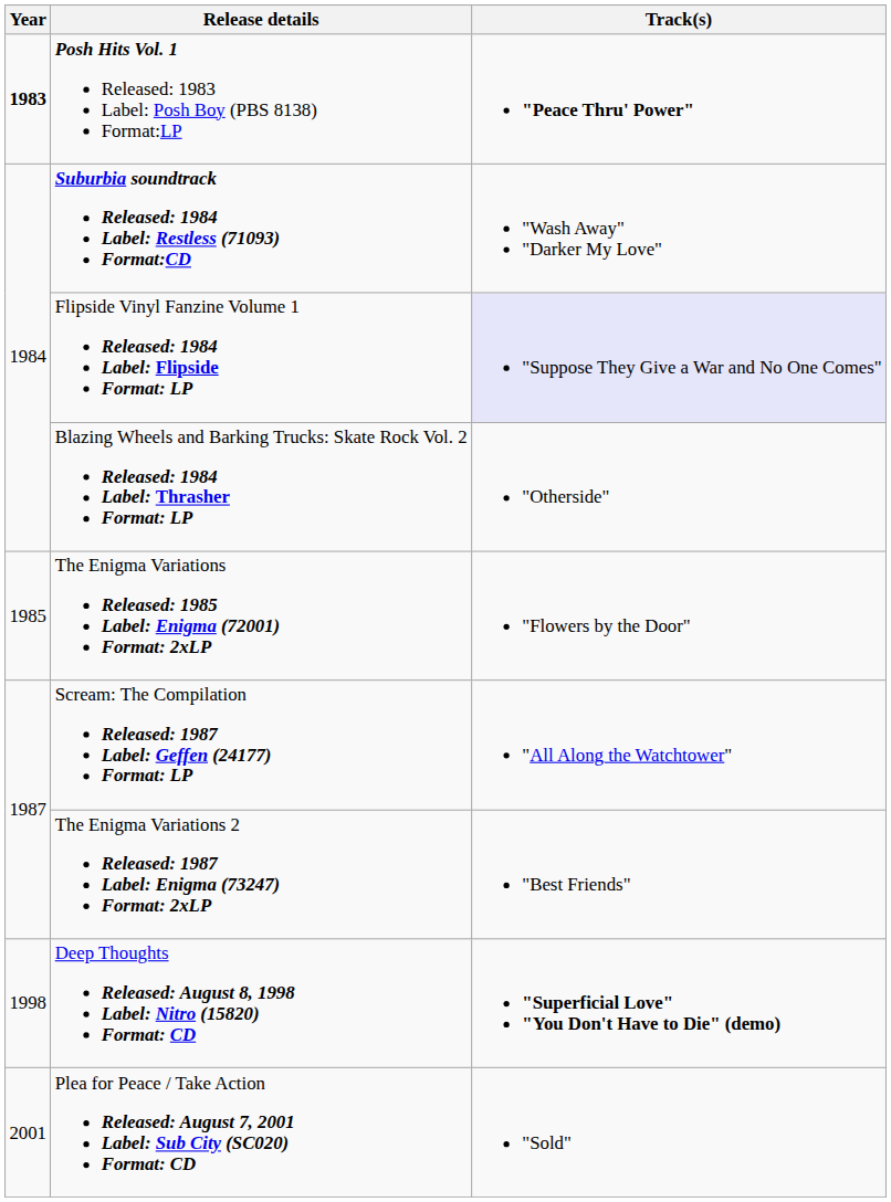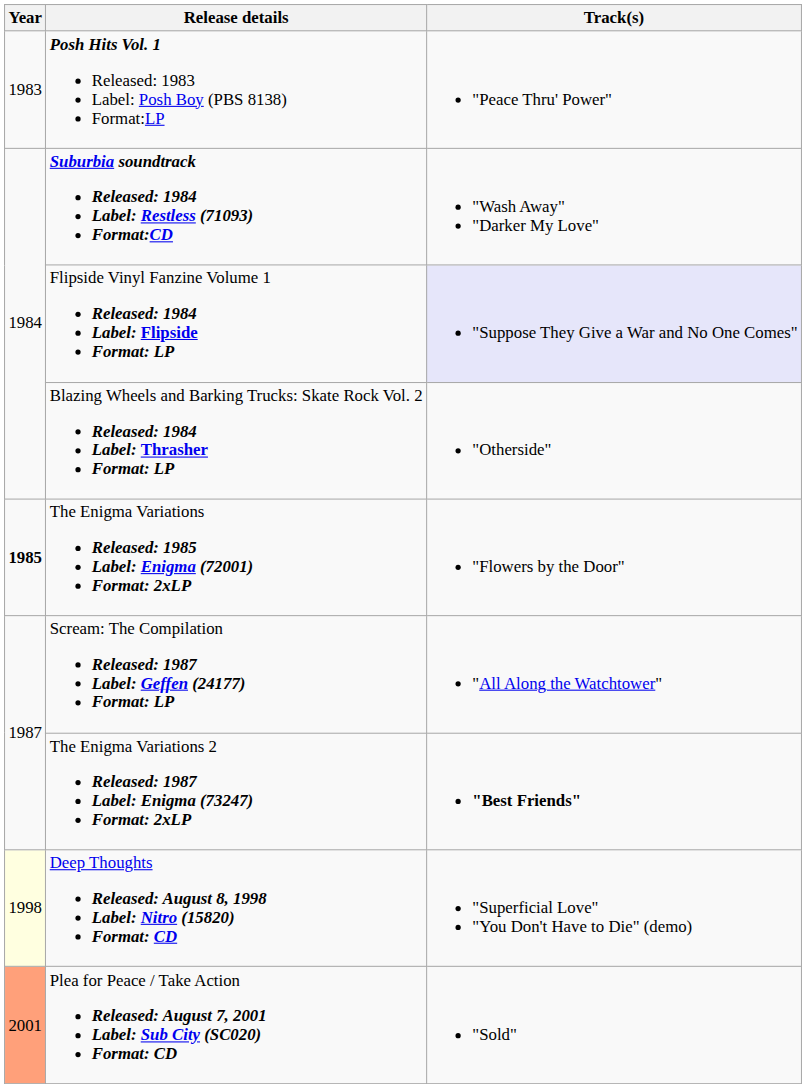 <table class ="wikitable">
 <tr>
 <th>Year</th>
 <th>Release details</th>
 <th>Track(s)</th>
 </tr>
 <tr>
-<td><strong>1983</strong></td>
+<td>1983</td>
 <td><strong><em>Posh Hits Vol. 1</em></strong><br><ul><li>Released: 1983</li><li>Label: <a href='#'>Posh Boy</a> (PBS 8138)</li><li>Format:<a href='#'>LP</a></li></ul></td>
-<td><strong><br><ul><li>"Peace Thru' Power"</li></ul></strong></td>
+<td><br><ul><li>"Peace Thru' Power"</li></ul></td>
 </tr>
 <tr>
 <td rowspan="3">1984</td>
 <td><strong><em><a href='#'>Suburbia</a><em> soundtrack<strong><br><ul><li>Released: 1984</li><li>Label: <a href='#'>Restless</a> (71093)</li><li>Format:<a href='#'>CD</a></li></ul></td>
 <td><br><ul><li>"Wash Away" </li><li>"Darker My Love" </li></ul></td>
 </tr>
 <tr>
 <td></em></strong>Flipside Vinyl Fanzine Volume 1<strong><em><br><ul><li>Released: 1984</li><li>Label: </em><a href='#'>Flipside</a><em></li><li>Format: LP</li></ul></td>
 <td style="background: lavender;"><br><ul><li>"Suppose They Give a War and No One Comes"<br></li></ul></td>
 </tr>
 <tr>
 <td></em></strong>Blazing Wheels and Barking Trucks: Skate Rock Vol. 2<strong><em><br><ul><li>Released: 1984</li><li>Label: </em><a href='#'>Thrasher</a><em></li><li>Format: LP</li></ul></td>
 <td><br><ul><li>"Otherside"</li></ul></td>
 </tr>
 <tr>
-<td>1985</td>
+<td><strong>1985</strong></td>
 <td></em></strong>The Enigma Variations<strong><em><br><ul><li>Released: 1985</li><li>Label: <a href='#'>Enigma</a> (72001)</li><li>Format: 2xLP</li></ul></td>
 <td><br><ul><li>"Flowers by the Door"</li></ul></td>
 </tr>
 <tr>
 <td rowspan="2">1987</td>
 <td></em></strong>Scream: The Compilation<strong><em><br><ul><li>Released: 1987</li><li>Label: <a href='#'>Geffen</a> (24177)</li><li>Format: LP</li></ul></td>
 <td><br><ul><li>"<a href='#'>All Along the Watchtower</a>"</li></ul></td>
 </tr>
 <tr>
 <td></em></strong>The Enigma Variations 2<strong><em><br><ul><li>Released: 1987</li><li>Label: Enigma (73247)</li><li>Format: 2xLP</li></ul></td>
-<td><br><ul><li>"Best Friends"</li></ul></td>
+<td><strong><br><ul><li>"Best Friends"</li></ul></strong></td>
 </tr>
 <tr>
-<td>1998</td>
+<td style="background: lightyellow;">1998</td>
 <td></em></strong><a href='#'>Deep Thoughts</a><strong><em><br><ul><li>Released: August 8, 1998</li><li>Label: <a href='#'>Nitro</a> (15820)</li><li>Format: <a href='#'>CD</a></li></ul></td>
-<td><strong><br><ul><li>"Superficial Love"</li><li>"You Don't Have to Die" (demo)</li></ul></strong></td>
+<td><br><ul><li>"Superficial Love"</li><li>"You Don't Have to Die" (demo)</li></ul></td>
 </tr>
 <tr>
-<td>2001</td>
+<td style="background: lightsalmon;">2001</td>
 <td></em></strong>Plea for Peace / Take Action<strong><em><br><ul><li>Released: August 7, 2001</li><li>Label: <a href='#'>Sub City</a> (SC020)</li><li>Format: CD</li></ul></td>
 <td><br><ul><li>"Sold"</li></ul></td>
 </tr>
 <tr>
 </tr>
 </table>
